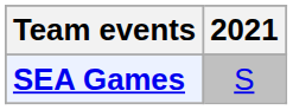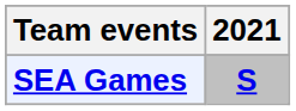 <table class="wikitable" style="font-size: 90%; text-align:center">
 <tr>
 <th>Team events</th>
 <th>2021</th>
 </tr>
 <tr>
 <td bgcolor="#ECF2FF"; align="left"><strong><a href='#'>SEA Games</a></strong></td>
-<td bgcolor=silver><a href='#'>S</a></td>
+<td bgcolor=silver><strong><a href='#'>S</a></strong></td>
 </tr>
 </table>
